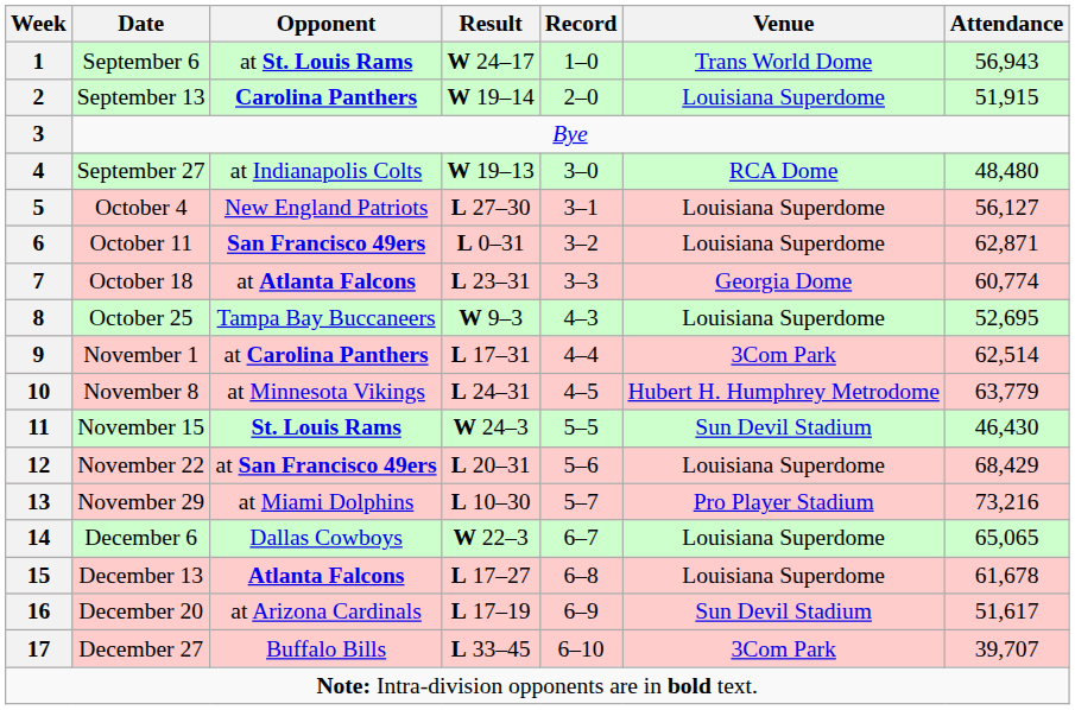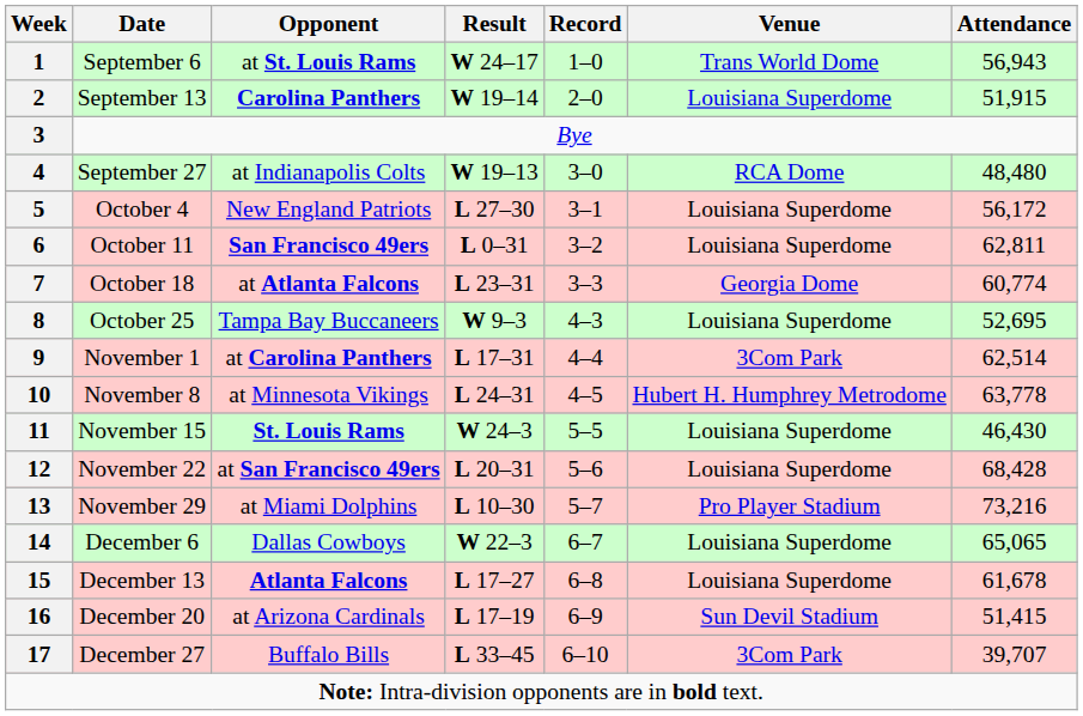 <table class="wikitable" style="text-align:center">
 <tr>
 <th>Week</th>
 <th>Date</th>
 <th>Opponent</th>
 <th>Result</th>
 <th>Record</th>
 <th>Venue</th>
 <th>Attendance</th>
 </tr>
 <tr style="background:#cfc">
 <th>1</th>
 <td>September 6</td>
 <td>at <strong><a href='#'>St. Louis Rams</a></strong></td>
 <td><strong>W</strong> 24–17</td>
 <td>1–0</td>
 <td><a href='#'>Trans World Dome</a></td>
 <td>56,943</td>
 </tr>
 <tr style="background:#cfc">
 <th>2</th>
 <td>September 13</td>
 <td><strong><a href='#'>Carolina Panthers</a></strong></td>
 <td><strong>W</strong> 19–14</td>
 <td>2–0</td>
 <td><a href='#'>Louisiana Superdome</a></td>
 <td>51,915</td>
 </tr>
 <tr>
 <th>3</th>
 <td colspan="6"><em><a href='#'>Bye</a></em></td>
 </tr>
 <tr style="background:#cfc">
 <th>4</th>
 <td>September 27</td>
 <td>at <a href='#'>Indianapolis Colts</a></td>
 <td><strong>W</strong> 19–13 </td>
 <td>3–0</td>
 <td><a href='#'>RCA Dome</a></td>
 <td>48,480</td>
 </tr>
 <tr style="background:#fcc">
 <th>5</th>
 <td>October 4</td>
 <td><a href='#'>New England Patriots</a></td>
 <td><strong>L</strong> 27–30</td>
 <td>3–1</td>
 <td>Louisiana Superdome</td>
-<td>56,127</td>
+<td>56,172</td>
 </tr>
 <tr style="background:#fcc">
 <th>6</th>
 <td>October 11</td>
 <td><strong><a href='#'>San Francisco 49ers</a></strong></td>
 <td><strong>L</strong> 0–31</td>
 <td>3–2</td>
 <td>Louisiana Superdome</td>
-<td>62,871</td>
+<td>62,811</td>
 </tr>
 <tr style="background:#fcc">
 <th>7</th>
 <td>October 18</td>
 <td>at <strong><a href='#'>Atlanta Falcons</a></strong></td>
 <td><strong>L</strong> 23–31</td>
 <td>3–3</td>
 <td><a href='#'>Georgia Dome</a></td>
 <td>60,774</td>
 </tr>
 <tr style="background:#cfc">
 <th>8</th>
 <td>October 25</td>
 <td><a href='#'>Tampa Bay Buccaneers</a></td>
 <td><strong>W</strong> 9–3</td>
 <td>4–3</td>
 <td>Louisiana Superdome</td>
 <td>52,695</td>
 </tr>
 <tr style="background:#fcc">
 <th>9</th>
 <td>November 1</td>
 <td>at <strong><a href='#'>Carolina Panthers</a></strong></td>
 <td><strong>L</strong> 17–31</td>
 <td>4–4</td>
 <td><a href='#'>3Com Park</a></td>
 <td>62,514</td>
 </tr>
 <tr style="background:#fcc">
 <th>10</th>
 <td>November 8</td>
 <td>at <a href='#'>Minnesota Vikings</a></td>
 <td><strong>L</strong> 24–31</td>
 <td>4–5</td>
 <td><a href='#'>Hubert H. Humphrey Metrodome</a></td>
-<td>63,779</td>
+<td>63,778</td>
 </tr>
 <tr style="background:#cfc">
 <th>11</th>
 <td>November 15</td>
 <td><strong><a href='#'>St. Louis Rams</a></strong></td>
 <td><strong>W</strong> 24–3</td>
 <td>5–5</td>
-<td><a href='#'>Sun Devil Stadium</a></td>
+<td>Louisiana Superdome</td>
 <td>46,430</td>
 </tr>
 <tr style="background:#fcc">
 <th>12</th>
 <td>November 22</td>
 <td>at <strong><a href='#'>San Francisco 49ers</a></strong></td>
 <td><strong>L</strong> 20–31</td>
 <td>5–6</td>
 <td>Louisiana Superdome</td>
-<td>68,429</td>
+<td>68,428</td>
 </tr>
 <tr style="background:#fcc">
 <th>13</th>
 <td>November 29</td>
 <td>at <a href='#'>Miami Dolphins</a></td>
 <td><strong>L</strong> 10–30</td>
 <td>5–7</td>
 <td><a href='#'>Pro Player Stadium</a></td>
 <td>73,216</td>
 </tr>
 <tr style="background:#cfc">
 <th>14</th>
 <td>December 6</td>
 <td><a href='#'>Dallas Cowboys</a></td>
 <td><strong>W</strong> 22–3</td>
 <td>6–7</td>
 <td>Louisiana Superdome</td>
 <td>65,065</td>
 </tr>
 <tr style="background:#fcc">
 <th>15</th>
 <td>December 13</td>
 <td><strong><a href='#'>Atlanta Falcons</a></strong></td>
 <td><strong>L</strong> 17–27</td>
 <td>6–8</td>
 <td>Louisiana Superdome</td>
 <td>61,678</td>
 </tr>
 <tr style="background:#fcc">
 <th>16</th>
 <td>December 20</td>
 <td>at <a href='#'>Arizona Cardinals</a></td>
 <td><strong>L</strong> 17–19</td>
 <td>6–9</td>
 <td><a href='#'>Sun Devil Stadium</a></td>
-<td>51,617</td>
+<td>51,415</td>
 </tr>
 <tr style="background:#fcc">
 <th>17</th>
 <td>December 27</td>
 <td><a href='#'>Buffalo Bills</a></td>
 <td><strong>L</strong> 33–45</td>
 <td>6–10</td>
 <td><a href='#'>3Com Park</a></td>
 <td>39,707</td>
 </tr>
 <tr>
 <td colspan="7"><strong>Note:</strong> Intra-division opponents are in <strong>bold</strong> text.</td>
 </tr>
 </table>
